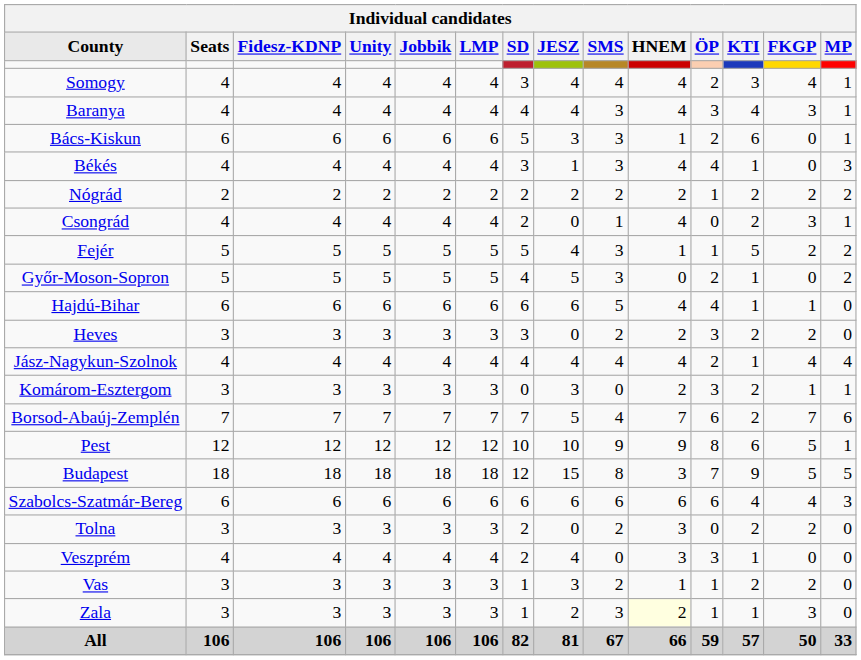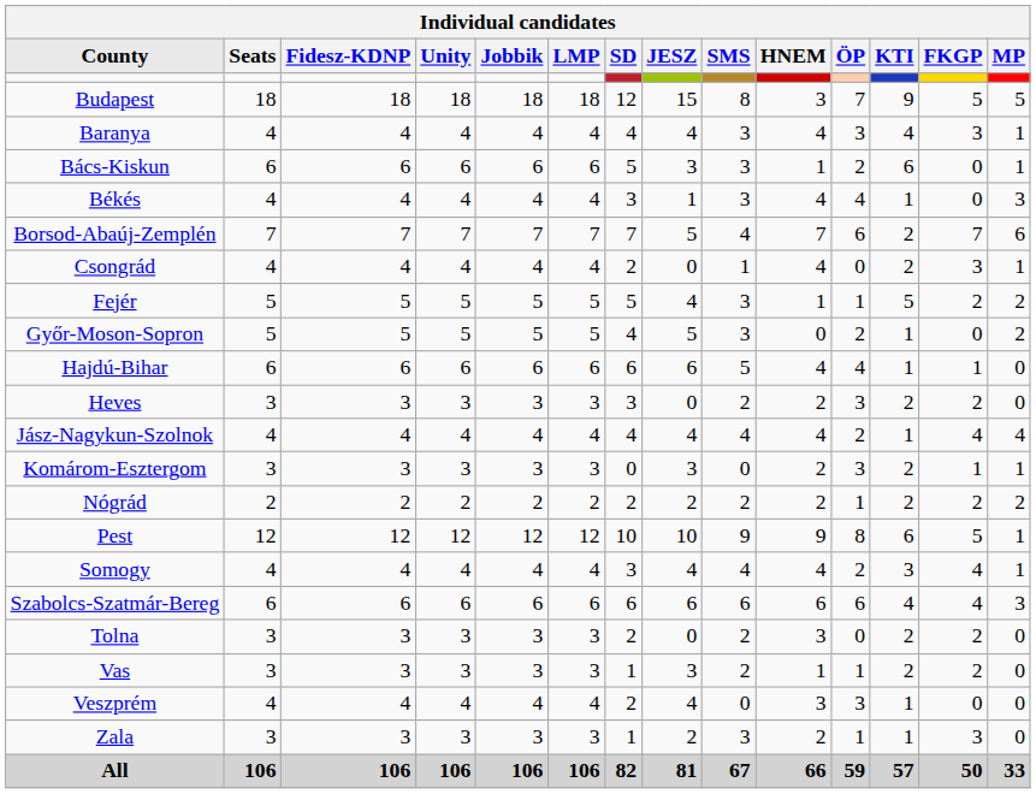 <table class="wikitable sortable collapsible collapsed center" style="text-align:center">
 <tr style="background:lightgrey;">
 <th colspan="14">Individual candidates</th>
 </tr>
 <tr style="background-color:#E9E9E9">
 <td><strong>County</strong></td>
 <th>Seats</th>
 <th><a href='#'>Fidesz-KDNP</a></th>
 <th><a href='#'>Unity</a></th>
 <th><a href='#'>Jobbik</a></th>
 <th><a href='#'>LMP</a></th>
 <th><a href='#'>SD</a></th>
 <th><a href='#'>JESZ</a></th>
 <th><a href='#'>SMS</a></th>
 <th>HNEM</th>
 <th><a href='#'>ÖP</a></th>
 <th><a href='#'>KTI</a></th>
 <th><a href='#'>FKGP</a></th>
 <th><a href='#'>MP</a></th>
 </tr>
 <tr>
 <td></td>
 <td></td>
 <td></td>
 <td></td>
 <td></td>
 <td></td>
 <td bgcolor="#BE1F2E"></td>
 <td bgcolor="#9DC209"></td>
 <td bgcolor="#b78727"></td>
 <td bgcolor="#CC0000"></td>
 <td bgcolor="#FBCEB1"></td>
 <td bgcolor="#1C39BB"></td>
 <td bgcolor="#FFD800"></td>
 <td bgcolor="red"></td>
 </tr>
 <tr>
-<td><a href='#'>Somogy</a></td>
-<td align="right">4</td>
-<td align="right">4</td>
-<td align="right">4</td>
-<td align="right">4</td>
-<td align="right">4</td>
+<td><a href='#'>Budapest</a></td>
+<td align="right">18</td>
+<td align="right">18</td>
+<td align="right">18</td>
+<td align="right">18</td>
+<td align="right">18</td>
+<td align="right">12</td>
+<td align="right">15</td>
+<td align="right">8</td>
 <td align="right">3</td>
-<td align="right">4</td>
-<td align="right">4</td>
-<td align="right">4</td>
-<td align="right">2</td>
-<td align="right">3</td>
-<td align="right">4</td>
-<td align="right">1</td>
+<td align="right">7</td>
+<td align="right">9</td>
+<td align="right">5</td>
+<td align="right">5</td>
 </tr>
 <tr>
 <td><a href='#'>Baranya</a></td>
 <td align="right">4</td>
 <td align="right">4</td>
 <td align="right">4</td>
 <td align="right">4</td>
 <td align="right">4</td>
 <td align="right">4</td>
 <td align="right">4</td>
 <td align="right">3</td>
 <td align="right">4</td>
 <td align="right">3</td>
 <td align="right">4</td>
 <td align="right">3</td>
 <td align="right">1</td>
 </tr>
 <tr>
 <td><a href='#'>Bács-Kiskun</a></td>
 <td align="right">6</td>
 <td align="right">6</td>
 <td align="right">6</td>
 <td align="right">6</td>
 <td align="right">6</td>
 <td align="right">5</td>
 <td align="right">3</td>
 <td align="right">3</td>
 <td align="right">1</td>
 <td align="right">2</td>
 <td align="right">6</td>
 <td align="right">0</td>
 <td align="right">1</td>
 </tr>
 <tr>
 <td><a href='#'>Békés</a></td>
 <td align="right">4</td>
 <td align="right">4</td>
 <td align="right">4</td>
 <td align="right">4</td>
 <td align="right">4</td>
 <td align="right">3</td>
 <td align="right">1</td>
 <td align="right">3</td>
 <td align="right">4</td>
 <td align="right">4</td>
 <td align="right">1</td>
 <td align="right">0</td>
 <td align="right">3</td>
 </tr>
 <tr>
-<td><a href='#'>Nógrád</a></td>
+<td><a href='#'>Borsod-Abaúj-Zemplén</a></td>
+<td align="right">7</td>
+<td align="right">7</td>
+<td align="right">7</td>
+<td align="right">7</td>
+<td align="right">7</td>
+<td align="right">7</td>
+<td align="right">5</td>
+<td align="right">4</td>
+<td align="right">7</td>
+<td align="right">6</td>
 <td align="right">2</td>
-<td align="right">2</td>
-<td align="right">2</td>
-<td align="right">2</td>
-<td align="right">2</td>
-<td align="right">2</td>
-<td align="right">2</td>
-<td align="right">2</td>
-<td align="right">2</td>
-<td align="right">1</td>
-<td align="right">2</td>
-<td align="right">2</td>
-<td align="right">2</td>
+<td align="right">7</td>
+<td align="right">6</td>
 </tr>
 <tr>
 <td><a href='#'>Csongrád</a></td>
 <td align="right">4</td>
 <td align="right">4</td>
 <td align="right">4</td>
 <td align="right">4</td>
 <td align="right">4</td>
 <td align="right">2</td>
 <td align="right">0</td>
 <td align="right">1</td>
 <td align="right">4</td>
 <td align="right">0</td>
 <td align="right">2</td>
 <td align="right">3</td>
 <td align="right">1</td>
 </tr>
 <tr>
 <td><a href='#'>Fejér</a></td>
 <td align="right">5</td>
 <td align="right">5</td>
 <td align="right">5</td>
 <td align="right">5</td>
 <td align="right">5</td>
 <td align="right">5</td>
 <td align="right">4</td>
 <td align="right">3</td>
 <td align="right">1</td>
 <td align="right">1</td>
 <td align="right">5</td>
 <td align="right">2</td>
 <td align="right">2</td>
 </tr>
 <tr>
 <td><a href='#'>Győr-Moson-Sopron</a></td>
 <td align="right">5</td>
 <td align="right">5</td>
 <td align="right">5</td>
 <td align="right">5</td>
 <td align="right">5</td>
 <td align="right">4</td>
 <td align="right">5</td>
 <td align="right">3</td>
 <td align="right">0</td>
 <td align="right">2</td>
 <td align="right">1</td>
 <td align="right">0</td>
 <td align="right">2</td>
 </tr>
 <tr>
 <td><a href='#'>Hajdú-Bihar</a></td>
 <td align="right">6</td>
 <td align="right">6</td>
 <td align="right">6</td>
 <td align="right">6</td>
 <td align="right">6</td>
 <td align="right">6</td>
 <td align="right">6</td>
 <td align="right">5</td>
 <td align="right">4</td>
 <td align="right">4</td>
 <td align="right">1</td>
 <td align="right">1</td>
 <td align="right">0</td>
 </tr>
 <tr>
 <td><a href='#'>Heves</a></td>
 <td align="right">3</td>
 <td align="right">3</td>
 <td align="right">3</td>
 <td align="right">3</td>
 <td align="right">3</td>
 <td align="right">3</td>
 <td align="right">0</td>
 <td align="right">2</td>
 <td align="right">2</td>
 <td align="right">3</td>
 <td align="right">2</td>
 <td align="right">2</td>
 <td align="right">0</td>
 </tr>
 <tr>
 <td><a href='#'>Jász-Nagykun-Szolnok</a></td>
 <td align="right">4</td>
 <td align="right">4</td>
 <td align="right">4</td>
 <td align="right">4</td>
 <td align="right">4</td>
 <td align="right">4</td>
 <td align="right">4</td>
 <td align="right">4</td>
 <td align="right">4</td>
 <td align="right">2</td>
 <td align="right">1</td>
 <td align="right">4</td>
 <td align="right">4</td>
 </tr>
 <tr>
 <td><a href='#'>Komárom-Esztergom</a></td>
 <td align="right">3</td>
 <td align="right">3</td>
 <td align="right">3</td>
 <td align="right">3</td>
 <td align="right">3</td>
 <td align="right">0</td>
 <td align="right">3</td>
 <td align="right">0</td>
 <td align="right">2</td>
 <td align="right">3</td>
 <td align="right">2</td>
 <td align="right">1</td>
 <td align="right">1</td>
 </tr>
 <tr>
-<td><a href='#'>Borsod-Abaúj-Zemplén</a></td>
-<td align="right">7</td>
-<td align="right">7</td>
-<td align="right">7</td>
-<td align="right">7</td>
-<td align="right">7</td>
-<td align="right">7</td>
-<td align="right">5</td>
-<td align="right">4</td>
-<td align="right">7</td>
-<td align="right">6</td>
+<td><a href='#'>Nógrád</a></td>
 <td align="right">2</td>
-<td align="right">7</td>
-<td align="right">6</td>
+<td align="right">2</td>
+<td align="right">2</td>
+<td align="right">2</td>
+<td align="right">2</td>
+<td align="right">2</td>
+<td align="right">2</td>
+<td align="right">2</td>
+<td align="right">2</td>
+<td align="right">1</td>
+<td align="right">2</td>
+<td align="right">2</td>
+<td align="right">2</td>
 </tr>
 <tr>
 <td><a href='#'>Pest</a></td>
 <td align="right">12</td>
 <td align="right">12</td>
 <td align="right">12</td>
 <td align="right">12</td>
 <td align="right">12</td>
 <td align="right">10</td>
 <td align="right">10</td>
 <td align="right">9</td>
 <td align="right">9</td>
 <td align="right">8</td>
 <td align="right">6</td>
 <td align="right">5</td>
 <td align="right">1</td>
 </tr>
 <tr>
-<td><a href='#'>Budapest</a></td>
-<td align="right">18</td>
-<td align="right">18</td>
-<td align="right">18</td>
-<td align="right">18</td>
-<td align="right">18</td>
-<td align="right">12</td>
-<td align="right">15</td>
-<td align="right">8</td>
+<td><a href='#'>Somogy</a></td>
+<td align="right">4</td>
+<td align="right">4</td>
+<td align="right">4</td>
+<td align="right">4</td>
+<td align="right">4</td>
 <td align="right">3</td>
-<td align="right">7</td>
-<td align="right">9</td>
-<td align="right">5</td>
-<td align="right">5</td>
+<td align="right">4</td>
+<td align="right">4</td>
+<td align="right">4</td>
+<td align="right">2</td>
+<td align="right">3</td>
+<td align="right">4</td>
+<td align="right">1</td>
 </tr>
 <tr>
 <td><a href='#'>Szabolcs-Szatmár-Bereg</a></td>
 <td align="right">6</td>
 <td align="right">6</td>
 <td align="right">6</td>
 <td align="right">6</td>
 <td align="right">6</td>
 <td align="right">6</td>
 <td align="right">6</td>
 <td align="right">6</td>
 <td align="right">6</td>
 <td align="right">6</td>
 <td align="right">4</td>
 <td align="right">4</td>
 <td align="right">3</td>
 </tr>
 <tr>
 <td><a href='#'>Tolna</a></td>
 <td align="right">3</td>
 <td align="right">3</td>
 <td align="right">3</td>
 <td align="right">3</td>
 <td align="right">3</td>
 <td align="right">2</td>
 <td align="right">0</td>
 <td align="right">2</td>
 <td align="right">3</td>
 <td align="right">0</td>
 <td align="right">2</td>
 <td align="right">2</td>
 <td align="right">0</td>
 </tr>
 <tr>
+<td><a href='#'>Vas</a></td>
+<td align="right">3</td>
+<td align="right">3</td>
+<td align="right">3</td>
+<td align="right">3</td>
+<td align="right">3</td>
+<td align="right">1</td>
+<td align="right">3</td>
+<td align="right">2</td>
+<td align="right">1</td>
+<td align="right">1</td>
+<td align="right">2</td>
+<td align="right">2</td>
+<td align="right">0</td>
+</tr>
+<tr>
 <td><a href='#'>Veszprém</a></td>
 <td align="right">4</td>
 <td align="right">4</td>
 <td align="right">4</td>
 <td align="right">4</td>
 <td align="right">4</td>
 <td align="right">2</td>
 <td align="right">4</td>
 <td align="right">0</td>
 <td align="right">3</td>
 <td align="right">3</td>
 <td align="right">1</td>
 <td align="right">0</td>
 <td align="right">0</td>
 </tr>
 <tr>
-<td><a href='#'>Vas</a></td>
-<td align="right">3</td>
-<td align="right">3</td>
-<td align="right">3</td>
-<td align="right">3</td>
-<td align="right">3</td>
-<td align="right">1</td>
-<td align="right">3</td>
-<td align="right">2</td>
-<td align="right">1</td>
-<td align="right">1</td>
-<td align="right">2</td>
-<td align="right">2</td>
-<td align="right">0</td>
-</tr>
-<tr>
 <td><a href='#'>Zala</a></td>
 <td align="right">3</td>
 <td align="right">3</td>
 <td align="right">3</td>
 <td align="right">3</td>
 <td align="right">3</td>
 <td align="right">1</td>
 <td align="right">2</td>
 <td align="right">3</td>
-<td align="right" style="background: lightyellow;">2</td>
+<td align="right">2</td>
 <td align="right">1</td>
 <td align="right">1</td>
 <td align="right">3</td>
 <td align="right">0</td>
 </tr>
 <tr style="background:lightgrey;">
 <td><strong>All</strong></td>
 <td align="right"><strong>106</strong></td>
 <td align="right"><strong>106</strong></td>
 <td align="right"><strong>106</strong></td>
 <td align="right"><strong>106</strong></td>
 <td align="right"><strong>106</strong></td>
 <td align="right"><strong>82</strong></td>
 <td align="right"><strong>81</strong></td>
 <td align="right"><strong>67</strong></td>
 <td align="right"><strong>66</strong></td>
 <td align="right"><strong>59</strong></td>
 <td align="right"><strong>57</strong></td>
 <td align="right"><strong>50</strong></td>
 <td align="right"><strong>33</strong></td>
 </tr>
 <tr>
 </tr>
 </table>
